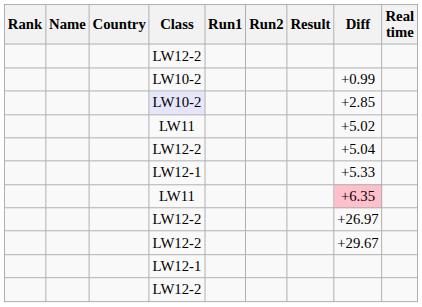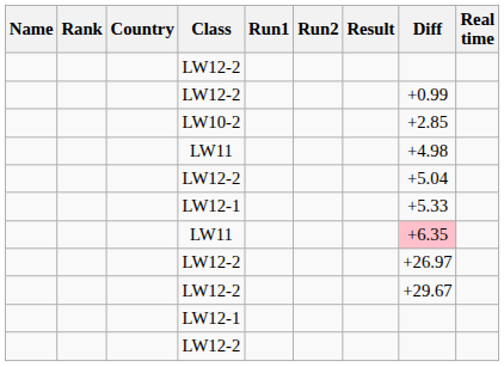 <table class="wikitable sortable" style="text-align:center">
 <tr>
+<th>Name</th>
 <th>Rank</th>
-<th>Name</th>
 <th>Country</th>
 <th>Class</th>
 <th>Run1</th>
 <th>Run2</th>
 <th>Result</th>
 <th Class="unsortable">Diff</th>
 <th>Real<br>time</th>
 </tr>
 <tr>
+<td align=left></td>
 <td></td>
-<td align=left></td>
 <td align=left></td>
 <td>LW12-2</td>
 <td></td>
 <td></td>
 <td></td>
 <td></td>
 <td></td>
 </tr>
 <tr>
+<td align=left></td>
 <td></td>
 <td align=left></td>
-<td align=left></td>
-<td>LW10-2</td>
+<td>LW12-2</td>
 <td></td>
 <td></td>
 <td></td>
 <td>+0.99</td>
 <td></td>
 </tr>
 <tr>
+<td align=left></td>
 <td></td>
 <td align=left></td>
-<td align=left></td>
-<td style="background: lavender;">LW10-2</td>
+<td>LW10-2</td>
 <td></td>
 <td></td>
 <td></td>
 <td>+2.85</td>
 <td></td>
 </tr>
 <tr>
+<td align=left></td>
 <td></td>
-<td align=left></td>
 <td align=left></td>
 <td>LW11</td>
 <td></td>
 <td></td>
 <td></td>
-<td>+5.02</td>
+<td>+4.98</td>
 <td></td>
 </tr>
 <tr>
+<td align=left></td>
 <td></td>
-<td align=left></td>
 <td align=left></td>
 <td>LW12-2</td>
 <td></td>
 <td></td>
 <td></td>
 <td>+5.04</td>
 <td></td>
 </tr>
 <tr>
+<td align=left></td>
 <td></td>
-<td align=left></td>
 <td align=left></td>
 <td>LW12-1</td>
 <td></td>
 <td></td>
 <td></td>
 <td>+5.33</td>
 <td></td>
 </tr>
 <tr>
+<td align=left></td>
 <td></td>
-<td align=left></td>
 <td align=left></td>
 <td>LW11</td>
 <td></td>
 <td></td>
 <td></td>
 <td style="background: pink;">+6.35</td>
 <td></td>
 </tr>
 <tr>
+<td align=left></td>
 <td></td>
-<td align=left></td>
 <td align=left></td>
 <td>LW12-2</td>
 <td></td>
 <td></td>
 <td></td>
 <td>+26.97</td>
 <td></td>
 </tr>
 <tr>
+<td align=left></td>
 <td></td>
-<td align=left></td>
 <td align=left></td>
 <td>LW12-2</td>
 <td></td>
 <td></td>
 <td></td>
 <td>+29.67</td>
 <td></td>
 </tr>
 <tr>
+<td align=left></td>
 <td></td>
-<td align=left></td>
 <td align=left></td>
 <td>LW12-1</td>
 <td></td>
 <td></td>
 <td></td>
 <td></td>
 <td></td>
 </tr>
 <tr>
+<td align=left></td>
 <td></td>
-<td align=left></td>
 <td align=left></td>
 <td>LW12-2</td>
 <td></td>
 <td></td>
 <td></td>
 <td></td>
 <td></td>
 </tr>
 </table>
